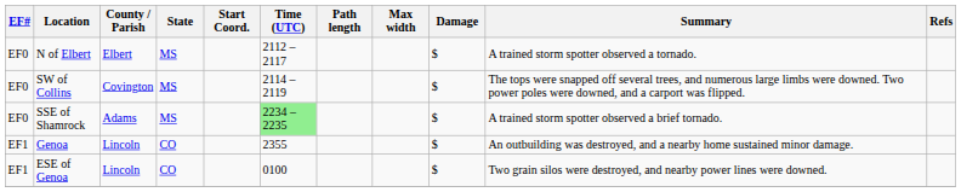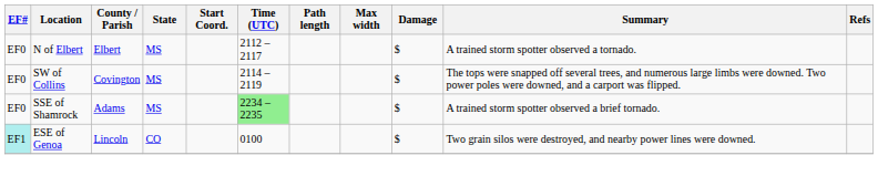 <table class="wikitable sortable" style="width:100%;">
 <tr>
 <th scope="col" width="3%" align="center"><a href='#'>EF#</a></th>
 <th scope="col" width="7%" align="center" class="unsortable">Location</th>
 <th scope="col" width="6%" align="center" class="unsortable">County / Parish</th>
 <th scope="col" width="5%" align="center">State</th>
 <th scope="col" width="6%" align="center">Start Coord.</th>
 <th scope="col" width="6%" align="center">Time (<a href='#'>UTC</a>)</th>
 <th scope="col" width="6%" align="center">Path length</th>
 <th scope="col" width="6%" align="center">Max width</th>
 <th scope="col" width="6%" align="center">Damage</th>
 <th scope="col" width="48%" class="unsortable" align="center">Summary</th>
 <th scope="col" width="48%" class="unsortable" align="center">Refs</th>
 </tr>
 <tr>
 <td>EF0</td>
 <td>N of <a href='#'>Elbert</a></td>
 <td><a href='#'>Elbert</a></td>
 <td><a href='#'>MS</a></td>
 <td></td>
 <td>2112 – 2117</td>
 <td></td>
 <td></td>
 <td>$</td>
 <td>A trained storm spotter observed a tornado.</td>
 <td></td>
 </tr>
 <tr>
 <td>EF0</td>
 <td>SW of <a href='#'>Collins</a></td>
 <td><a href='#'>Covington</a></td>
 <td><a href='#'>MS</a></td>
 <td></td>
 <td>2114 – 2119</td>
 <td></td>
 <td></td>
 <td>$</td>
 <td>The tops were snapped off several trees, and numerous large limbs were downed. Two power poles were downed, and a carport was flipped.</td>
 <td></td>
 </tr>
 <tr>
 <td>EF0</td>
 <td>SSE of Shamrock</td>
 <td><a href='#'>Adams</a></td>
 <td><a href='#'>MS</a></td>
 <td></td>
 <td style="background: lightgreen;">2234 – 2235</td>
 <td></td>
 <td></td>
 <td>$</td>
 <td>A trained storm spotter observed a brief tornado.</td>
 <td></td>
 </tr>
 <tr>
-<td>EF1</td>
-<td><a href='#'>Genoa</a></td>
-<td><a href='#'>Lincoln</a></td>
-<td><a href='#'>CO</a></td>
-<td></td>
-<td>2355</td>
-<td></td>
-<td></td>
-<td>$</td>
-<td>An outbuilding was destroyed, and a nearby home sustained minor damage.</td>
-<td></td>
-</tr>
-<tr>
-<td>EF1</td>
+<td style="background: paleturquoise;">EF1</td>
 <td>ESE of <a href='#'>Genoa</a></td>
 <td><a href='#'>Lincoln</a></td>
 <td><a href='#'>CO</a></td>
 <td></td>
 <td>0100</td>
 <td></td>
 <td></td>
 <td>$</td>
 <td>Two grain silos were destroyed, and nearby power lines were downed.</td>
 <td></td>
 </tr>
 <tr>
 </tr>
 </table>
